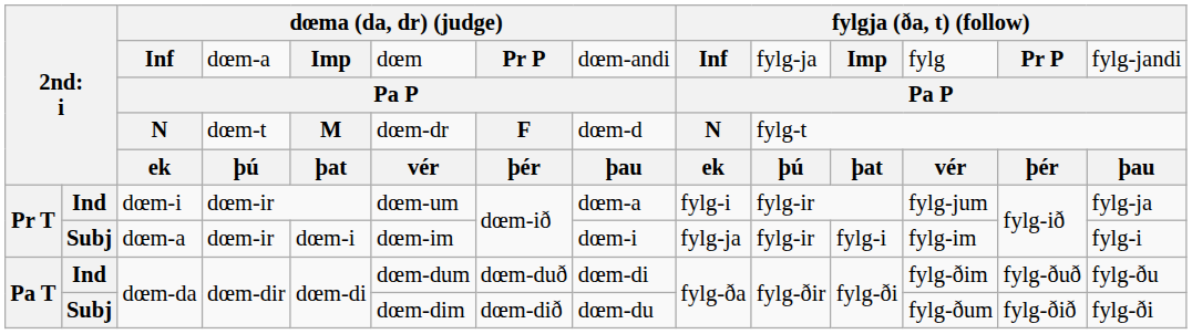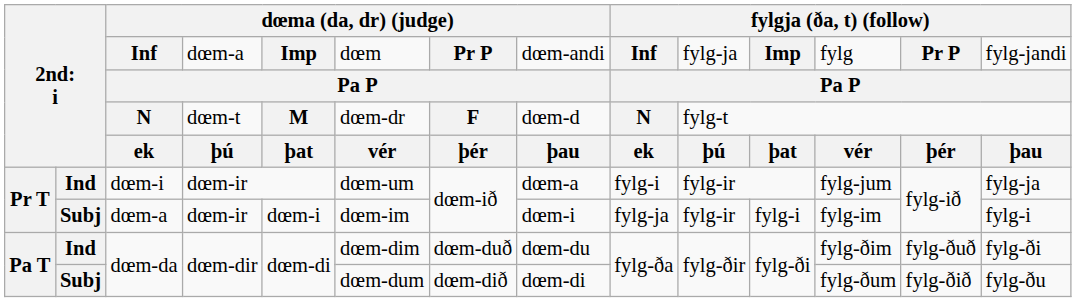 <table class="wikitable" border="1">
 <tr>
 <th rowspan="5" colspan="2">2nd: <br> i</th>
 <th colspan="6">dœma (da, dr) (judge)</th>
 <th colspan="6">fylgja (ða, t) (follow)</th>
 </tr>
 <tr>
 <th>Inf</th>
 <td>dœm-a</td>
 <th>Imp</th>
 <td>dœm</td>
 <th>Pr P</th>
 <td>dœm⁠-andi</td>
 <th>Inf</th>
 <td>fylg-ja</td>
 <th>Imp</th>
 <td>fylg</td>
 <th>Pr P</th>
 <td>fylg-jandi</td>
 </tr>
 <tr>
 <th colspan="6">Pa P</th>
 <th colspan="6">Pa P</th>
 </tr>
 <tr>
 <th>N</th>
 <td>dœm⁠-t</td>
 <th>M</th>
 <td>dœm⁠-dr</td>
 <th>F</th>
 <td>dœm⁠-d</td>
 <th>N</th>
 <td colspan="5">fylg⁠-t</td>
 </tr>
 <tr>
 <th>ek</th>
 <th>þú</th>
 <th>þat</th>
 <th>vér</th>
 <th>þér</th>
 <th>þau</th>
 <th>ek</th>
 <th>þú</th>
 <th>þat</th>
 <th>vér</th>
 <th>þér</th>
 <th>þau</th>
 </tr>
 <tr>
 <th rowspan="2">Pr T</th>
 <th>Ind</th>
 <td>dœm⁠-i</td>
 <td colspan="2">dœm⁠-ir</td>
 <td>dœm⁠-um</td>
 <td rowspan="2">dœm⁠-ið</td>
 <td>dœm⁠-a</td>
 <td>fylg⁠-i</td>
 <td colspan="2">fylg⁠-ir</td>
 <td>fylg⁠-jum</td>
 <td rowspan="2">fylg⁠-ið</td>
 <td>fylg⁠-ja</td>
 </tr>
 <tr>
 <th>Subj</th>
 <td>dœm⁠-a</td>
 <td>dœm⁠-ir</td>
 <td>dœm⁠-i</td>
 <td>dœm⁠-im</td>
 <td>dœm⁠-i</td>
 <td>fylg⁠-ja</td>
 <td>fylg⁠-ir</td>
 <td>fylg⁠-i</td>
 <td>fylg⁠-im</td>
 <td>fylg⁠-i</td>
 </tr>
 <tr>
 <th rowspan="2">Pa T</th>
 <th>Ind</th>
 <td rowspan="2">dœm-da</td>
 <td rowspan="2">dœm-dir</td>
 <td rowspan="2">dœm⁠-di</td>
-<td>dœm-dum</td>
+<td>dœm-dim</td>
 <td>dœm-duð</td>
-<td>dœm⁠-di</td>
+<td>dœm⁠-du</td>
 <td rowspan="2">fylg-ða</td>
 <td rowspan="2">fylg-ðir</td>
 <td rowspan="2">fylg⁠-ði</td>
 <td>fylg-ðim</td>
 <td>fylg-ðuð</td>
-<td>fylg⁠-ðu</td>
+<td>fylg⁠-ði</td>
 </tr>
 <tr>
 <th>Subj</th>
-<td>dœm-dim</td>
+<td>dœm-dum</td>
 <td>dœm-dið</td>
-<td>dœm⁠-du</td>
+<td>dœm⁠-di</td>
 <td>fylg-ðum</td>
 <td>fylg-ðið</td>
-<td>fylg⁠-ði</td>
+<td>fylg⁠-ðu</td>
 </tr>
 </table>
